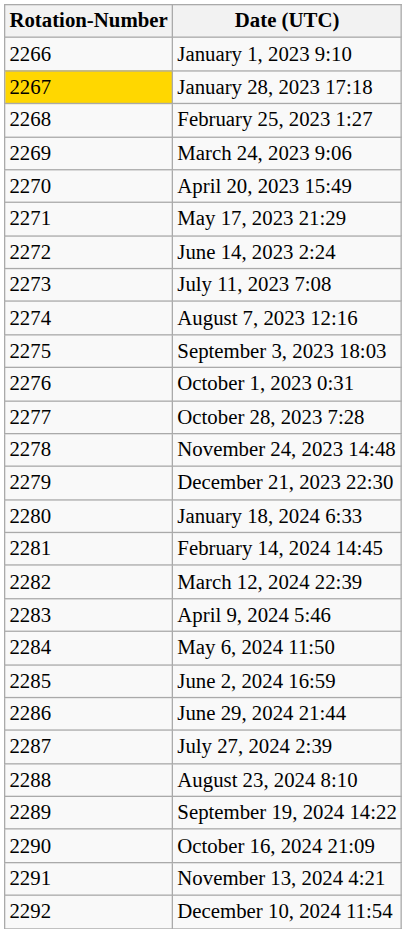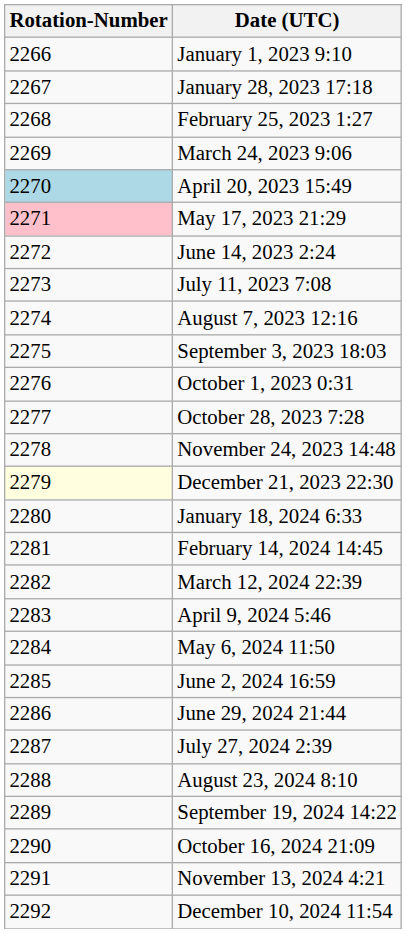 <table class="wikitable sortable">
 <tr>
 <th>Rotation-Number</th>
 <th>Date (UTC)</th>
 </tr>
 <tr>
 <td>2266</td>
 <td>January 1, 2023 9:10</td>
 </tr>
 <tr>
-<td style="background: gold;">2267</td>
+<td>2267</td>
 <td>January 28, 2023 17:18</td>
 </tr>
 <tr>
 <td>2268</td>
 <td>February 25, 2023 1:27</td>
 </tr>
 <tr>
 <td>2269</td>
 <td>March 24, 2023 9:06</td>
 </tr>
 <tr>
-<td>2270</td>
+<td style="background: lightblue;">2270</td>
 <td>April 20, 2023 15:49</td>
 </tr>
 <tr>
-<td>2271</td>
+<td style="background: pink;">2271</td>
 <td>May 17, 2023 21:29</td>
 </tr>
 <tr>
 <td>2272</td>
 <td>June 14, 2023 2:24</td>
 </tr>
 <tr>
 <td>2273</td>
 <td>July 11, 2023 7:08</td>
 </tr>
 <tr>
 <td>2274</td>
 <td>August 7, 2023 12:16</td>
 </tr>
 <tr>
 <td>2275</td>
 <td>September 3, 2023 18:03</td>
 </tr>
 <tr>
 <td>2276</td>
 <td>October 1, 2023 0:31</td>
 </tr>
 <tr>
 <td>2277</td>
 <td>October 28, 2023 7:28</td>
 </tr>
 <tr>
 <td>2278</td>
 <td>November 24, 2023 14:48</td>
 </tr>
 <tr>
-<td>2279</td>
+<td style="background: lightyellow;">2279</td>
 <td>December 21, 2023 22:30</td>
 </tr>
 <tr>
 <td>2280</td>
 <td>January 18, 2024 6:33</td>
 </tr>
 <tr>
 <td>2281</td>
 <td>February 14, 2024 14:45</td>
 </tr>
 <tr>
 <td>2282</td>
 <td>March 12, 2024 22:39</td>
 </tr>
 <tr>
 <td>2283</td>
 <td>April 9, 2024 5:46</td>
 </tr>
 <tr>
 <td>2284</td>
 <td>May 6, 2024 11:50</td>
 </tr>
 <tr>
 <td>2285</td>
 <td>June 2, 2024 16:59</td>
 </tr>
 <tr>
 <td>2286</td>
 <td>June 29, 2024 21:44</td>
 </tr>
 <tr>
 <td>2287</td>
 <td>July 27, 2024 2:39</td>
 </tr>
 <tr>
 <td>2288</td>
 <td>August 23, 2024 8:10</td>
 </tr>
 <tr>
 <td>2289</td>
 <td>September 19, 2024 14:22</td>
 </tr>
 <tr>
 <td>2290</td>
 <td>October 16, 2024 21:09</td>
 </tr>
 <tr>
 <td>2291</td>
 <td>November 13, 2024 4:21</td>
 </tr>
 <tr>
 <td>2292</td>
 <td>December 10, 2024 11:54</td>
 </tr>
 </table>
